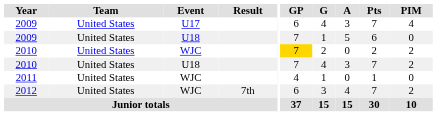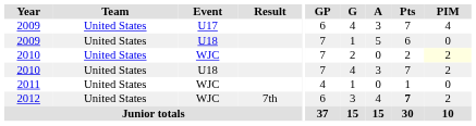 <table border="0" cellpadding="1" cellspacing="0" ID="Table3" style="text-align:center; width:40em">
 <tr ALIGN="center" bgcolor="#e0e0e0">
 <th>Year</th>
 <th>Team</th>
 <th>Event</th>
 <th>Result</th>
 <th rowspan="99" bgcolor="#ffffff"></th>
 <th>GP</th>
 <th>G</th>
 <th>A</th>
 <th>Pts</th>
 <th>PIM</th>
 </tr>
 <tr>
 <td><a href='#'>2009</a></td>
 <td><a href='#'>United States</a></td>
 <td><a href='#'>U17</a></td>
 <td></td>
 <td>6</td>
 <td>4</td>
 <td>3</td>
 <td>7</td>
 <td>4</td>
 </tr>
 <tr style="background:#f0f0f0;">
 <td><a href='#'>2009</a></td>
 <td>United States</td>
 <td><a href='#'>U18</a></td>
 <td></td>
 <td>7</td>
 <td>1</td>
 <td>5</td>
 <td>6</td>
 <td>0</td>
 </tr>
 <tr>
 <td><a href='#'>2010</a></td>
 <td><a href='#'>United States</a></td>
 <td><a href='#'>WJC</a></td>
 <td></td>
-<td style="background: gold;">7</td>
+<td>7</td>
 <td>2</td>
 <td>0</td>
 <td>2</td>
-<td>2</td>
+<td style="background: lightyellow;">2</td>
 </tr>
 <tr style="background:#f0f0f0;">
 <td><a href='#'>2010</a></td>
 <td>United States</td>
 <td>U18</td>
 <td></td>
 <td>7</td>
 <td>4</td>
 <td>3</td>
 <td>7</td>
 <td>2</td>
 </tr>
 <tr>
 <td><a href='#'>2011</a></td>
 <td>United States</td>
 <td>WJC</td>
 <td></td>
 <td>4</td>
 <td>1</td>
 <td>0</td>
 <td>1</td>
 <td>0</td>
 </tr>
 <tr style="background:#f0f0f0;">
 <td><a href='#'>2012</a></td>
 <td>United States</td>
 <td>WJC</td>
 <td>7th</td>
 <td>6</td>
 <td>3</td>
 <td>4</td>
-<td>7</td>
+<td><strong>7</strong></td>
 <td>2</td>
 </tr>
 <tr bgcolor="#e0e0e0">
 <th colspan="4">Junior totals</th>
 <th>37</th>
 <th>15</th>
 <th>15</th>
 <th>30</th>
 <th>10</th>
 </tr>
 </table>
